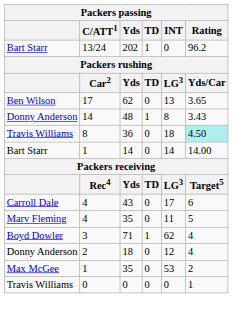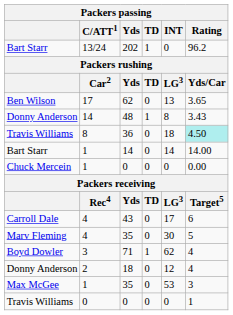 <table class="wikitable">
 <tr>
 <th colspan="6">Packers passing</th>
 </tr>
 <tr>
 <th></th>
 <th>C/ATT<sup>1</sup></th>
 <th>Yds</th>
 <th>TD</th>
 <th>INT</th>
 <th>Rating</th>
 </tr>
 <tr>
 <td><a href='#'>Bart Starr</a></td>
 <td>13/24</td>
 <td>202</td>
 <td>1</td>
 <td>0</td>
 <td>96.2</td>
 </tr>
 <tr>
 <th colspan="6">Packers rushing</th>
 </tr>
 <tr>
 <th></th>
 <th>Car<sup>2</sup></th>
 <th>Yds</th>
 <th>TD</th>
 <th>LG<sup>3</sup></th>
 <th>Yds/Car</th>
 </tr>
 <tr>
 <td><a href='#'>Ben Wilson</a></td>
 <td>17</td>
 <td>62</td>
 <td>0</td>
 <td>13</td>
 <td>3.65</td>
 </tr>
 <tr>
 <td><a href='#'>Donny Anderson</a></td>
 <td>14</td>
 <td>48</td>
 <td>1</td>
 <td>8</td>
 <td>3.43</td>
 </tr>
 <tr>
 <td><a href='#'>Travis Williams</a></td>
 <td>8</td>
 <td>36</td>
 <td>0</td>
 <td>18</td>
 <td style="background: paleturquoise;">4.50</td>
 </tr>
 <tr>
 <td>Bart Starr</td>
 <td>1</td>
 <td>14</td>
 <td>0</td>
 <td>14</td>
 <td>14.00</td>
 </tr>
 <tr>
+<td><a href='#'>Chuck Mercein</a></td>
+<td>1</td>
+<td>0</td>
+<td>0</td>
+<td>0</td>
+<td>0.00</td>
+</tr>
+<tr>
 <th colspan="6">Packers receiving</th>
 </tr>
 <tr>
 <th></th>
 <th>Rec<sup>4</sup></th>
 <th>Yds</th>
 <th>TD</th>
 <th>LG<sup>3</sup></th>
 <th>Target<sup>5</sup></th>
 </tr>
 <tr>
 <td><a href='#'>Carroll Dale</a></td>
 <td>4</td>
 <td>43</td>
 <td>0</td>
 <td>17</td>
 <td>6</td>
 </tr>
 <tr>
 <td><a href='#'>Marv Fleming</a></td>
 <td>4</td>
 <td>35</td>
 <td>0</td>
-<td>11</td>
+<td>30</td>
 <td>5</td>
 </tr>
 <tr>
 <td><a href='#'>Boyd Dowler</a></td>
 <td>3</td>
 <td>71</td>
 <td>1</td>
 <td>62</td>
 <td>4</td>
 </tr>
 <tr>
 <td>Donny Anderson</td>
 <td>2</td>
 <td>18</td>
 <td>0</td>
 <td>12</td>
 <td>4</td>
 </tr>
 <tr>
 <td><a href='#'>Max McGee</a></td>
 <td>1</td>
 <td>35</td>
 <td>0</td>
 <td>53</td>
-<td>2</td>
+<td>3</td>
 </tr>
 <tr>
 <td>Travis Williams</td>
 <td>0</td>
 <td>0</td>
 <td>0</td>
 <td>0</td>
 <td>1</td>
 </tr>
 </table>
